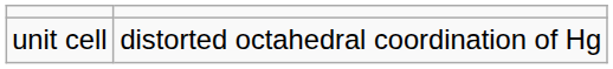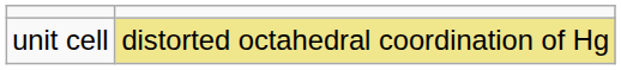 <table class="wikitable" style="margin:1em auto; text-align:center;">
 <tr>
 <td></td>
 <td></td>
 </tr>
 <tr>
 <td>unit cell</td>
-<td>distorted octahedral coordination of Hg</td>
+<td style="background: khaki;">distorted octahedral coordination of Hg</td>
 </tr>
 </table>
